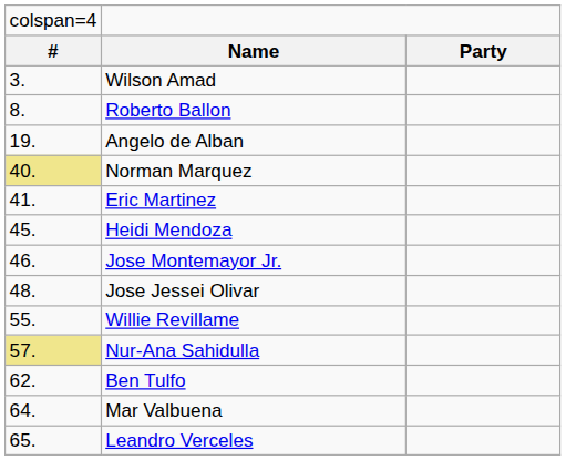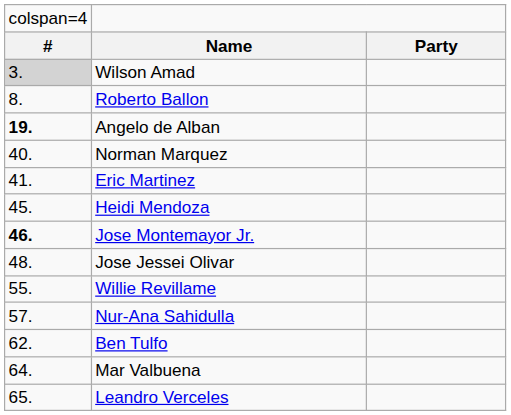 <table class=wikitable style="font-size:90%">
 <tr>
 <td>colspan=4 </td>
 </tr>
 <tr>
 <th>#</th>
 <th width=55%>Name</th>
 <th colspan=2 width=110px>Party</th>
 </tr>
 <tr>
-<td>3.</td>
+<td style="background: lightgrey;">3.</td>
 <td>Wilson Amad</td>
 <td></td>
 </tr>
 <tr>
 <td>8.</td>
 <td><a href='#'>Roberto Ballon</a></td>
 <td></td>
 </tr>
 <tr>
-<td>19.</td>
+<td><strong>19.</strong></td>
 <td>Angelo de Alban</td>
 <td></td>
 </tr>
 <tr>
-<td style="background: khaki;">40.</td>
+<td>40.</td>
 <td>Norman Marquez</td>
 <td></td>
 </tr>
 <tr>
 <td>41.</td>
 <td><a href='#'>Eric Martinez</a></td>
 <td></td>
 </tr>
 <tr>
 <td>45.</td>
 <td><a href='#'>Heidi Mendoza</a></td>
 <td></td>
 </tr>
 <tr>
-<td>46.</td>
+<td><strong>46.</strong></td>
 <td><a href='#'>Jose Montemayor Jr.</a></td>
 <td></td>
 </tr>
 <tr>
 <td>48.</td>
 <td>Jose Jessei Olivar</td>
 <td></td>
 </tr>
 <tr>
 <td>55.</td>
 <td><a href='#'>Willie Revillame</a></td>
 <td></td>
 </tr>
 <tr>
-<td style="background: khaki;">57.</td>
+<td>57.</td>
 <td><a href='#'>Nur-Ana Sahidulla</a></td>
 <td></td>
 </tr>
 <tr>
 <td>62.</td>
 <td><a href='#'>Ben Tulfo</a></td>
 <td></td>
 </tr>
 <tr>
 <td>64.</td>
 <td>Mar Valbuena</td>
 <td></td>
 </tr>
 <tr>
 <td>65.</td>
 <td><a href='#'>Leandro Verceles</a></td>
 <td></td>
 </tr>
 </table>
